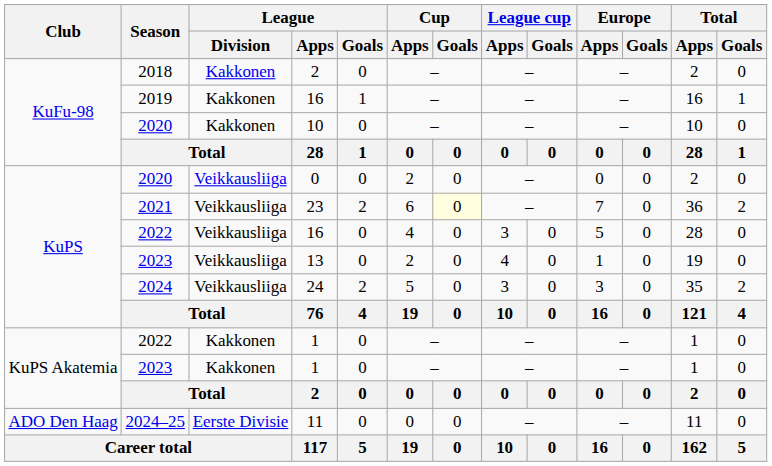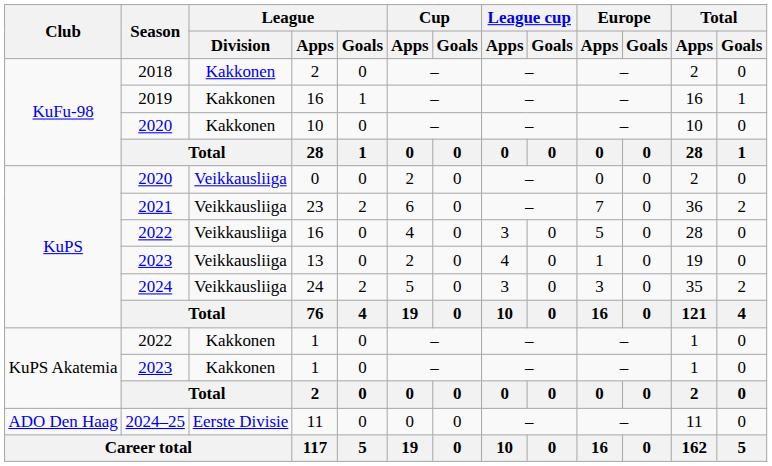 <table class="wikitable" style="text-align:center">
 <tr>
 <th rowspan="2">Club</th>
 <th rowspan="2">Season</th>
 <th colspan="3">League</th>
 <th colspan="2">Cup</th>
 <th colspan="2"><a href='#'>League cup</a></th>
 <th colspan="2">Europe</th>
 <th colspan="2">Total</th>
 </tr>
 <tr>
 <th>Division</th>
 <th>Apps</th>
 <th>Goals</th>
 <th>Apps</th>
 <th>Goals</th>
 <th>Apps</th>
 <th>Goals</th>
 <th>Apps</th>
 <th>Goals</th>
 <th>Apps</th>
 <th>Goals</th>
 </tr>
 <tr>
 <td rowspan=4><a href='#'>KuFu-98</a></td>
 <td>2018</td>
 <td><a href='#'>Kakkonen</a></td>
 <td>2</td>
 <td>0</td>
 <td colspan=2>–</td>
 <td colspan=2>–</td>
 <td colspan=2>–</td>
 <td>2</td>
 <td>0</td>
 </tr>
 <tr>
 <td>2019</td>
 <td>Kakkonen</td>
 <td>16</td>
 <td>1</td>
 <td colspan=2>–</td>
 <td colspan=2>–</td>
 <td colspan=2>–</td>
 <td>16</td>
 <td>1</td>
 </tr>
 <tr>
 <td><a href='#'>2020</a></td>
 <td>Kakkonen</td>
 <td>10</td>
 <td>0</td>
 <td colspan=2>–</td>
 <td colspan=2>–</td>
 <td colspan=2>–</td>
 <td>10</td>
 <td>0</td>
 </tr>
 <tr>
 <th colspan=2>Total</th>
 <th>28</th>
 <th>1</th>
 <th>0</th>
 <th>0</th>
 <th>0</th>
 <th>0</th>
 <th>0</th>
 <th>0</th>
 <th>28</th>
 <th>1</th>
 </tr>
 <tr>
 <td rowspan=6><a href='#'>KuPS</a></td>
 <td><a href='#'>2020</a></td>
 <td><a href='#'>Veikkausliiga</a></td>
 <td>0</td>
 <td>0</td>
 <td>2</td>
 <td>0</td>
 <td colspan=2>–</td>
 <td>0</td>
 <td>0</td>
 <td>2</td>
 <td>0</td>
 </tr>
 <tr>
 <td><a href='#'>2021</a></td>
 <td>Veikkausliiga</td>
 <td>23</td>
 <td>2</td>
 <td>6</td>
-<td style="background: lightyellow;">0</td>
+<td>0</td>
 <td colspan=2>–</td>
 <td>7</td>
 <td>0</td>
 <td>36</td>
 <td>2</td>
 </tr>
 <tr>
 <td><a href='#'>2022</a></td>
 <td>Veikkausliiga</td>
 <td>16</td>
 <td>0</td>
 <td>4</td>
 <td>0</td>
 <td>3</td>
 <td>0</td>
 <td>5</td>
 <td>0</td>
 <td>28</td>
 <td>0</td>
 </tr>
 <tr>
 <td><a href='#'>2023</a></td>
 <td>Veikkausliiga</td>
 <td>13</td>
 <td>0</td>
 <td>2</td>
 <td>0</td>
 <td>4</td>
 <td>0</td>
 <td>1</td>
 <td>0</td>
 <td>19</td>
 <td>0</td>
 </tr>
 <tr>
 <td><a href='#'>2024</a></td>
 <td>Veikkausliiga</td>
 <td>24</td>
 <td>2</td>
 <td>5</td>
 <td>0</td>
 <td>3</td>
 <td>0</td>
 <td>3</td>
 <td>0</td>
 <td>35</td>
 <td>2</td>
 </tr>
 <tr>
 <th colspan=2>Total</th>
 <th>76</th>
 <th>4</th>
 <th>19</th>
 <th>0</th>
 <th>10</th>
 <th>0</th>
 <th>16</th>
 <th>0</th>
 <th>121</th>
 <th>4</th>
 </tr>
 <tr>
 <td rowspan=3>KuPS Akatemia</td>
 <td>2022</td>
 <td>Kakkonen</td>
 <td>1</td>
 <td>0</td>
 <td colspan=2>–</td>
 <td colspan=2>–</td>
 <td colspan=2>–</td>
 <td>1</td>
 <td>0</td>
 </tr>
 <tr>
 <td><a href='#'>2023</a></td>
 <td>Kakkonen</td>
 <td>1</td>
 <td>0</td>
 <td colspan=2>–</td>
 <td colspan=2>–</td>
 <td colspan=2>–</td>
 <td>1</td>
 <td>0</td>
 </tr>
 <tr>
 <th colspan=2>Total</th>
 <th>2</th>
 <th>0</th>
 <th>0</th>
 <th>0</th>
 <th>0</th>
 <th>0</th>
 <th>0</th>
 <th>0</th>
 <th>2</th>
 <th>0</th>
 </tr>
 <tr>
 <td><a href='#'>ADO Den Haag</a></td>
 <td><a href='#'>2024–25</a></td>
 <td><a href='#'>Eerste Divisie</a></td>
 <td>11</td>
 <td>0</td>
 <td>0</td>
 <td>0</td>
 <td colspan=2>–</td>
 <td colspan=2>–</td>
 <td>11</td>
 <td>0</td>
 </tr>
 <tr>
 <th colspan="3">Career total</th>
 <th>117</th>
 <th>5</th>
 <th>19</th>
 <th>0</th>
 <th>10</th>
 <th>0</th>
 <th>16</th>
 <th>0</th>
 <th>162</th>
 <th>5</th>
 </tr>
 </table>
